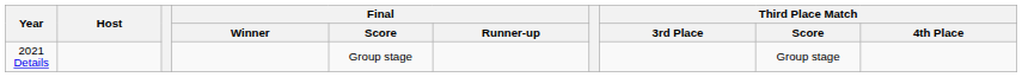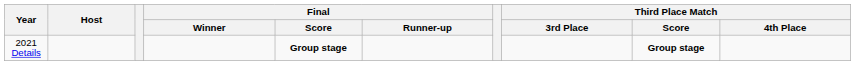 <table class="wikitable" style="font-size: 90%; text-align: center; width: 100%;">
 <tr>
 <th rowspan="2" width="5%">Year</th>
 <th rowspan="2" width="10%">Host</th>
 <th width="1%" rowspan="19"></th>
 <th colspan="3">Final</th>
 <th width="1%" rowspan="19"></th>
 <th colspan="3">Third Place Match</th>
 </tr>
 <tr>
 <th width="15%">Winner</th>
 <th width="10%">Score</th>
 <th width="15%">Runner-up</th>
 <th width="15%">3rd Place</th>
 <th width="10%">Score</th>
 <th width="15%">4th Place</th>
 </tr>
 <tr>
 <td>2021<br><a href='#'>Details</a></td>
 <td align=left></td>
 <td><strong></strong></td>
-<td>Group stage</td>
+<td><strong>Group stage</strong></td>
 <td></td>
 <td></td>
-<td>Group stage</td>
+<td><strong>Group stage</strong></td>
 <td></td>
 </tr>
 </table>
